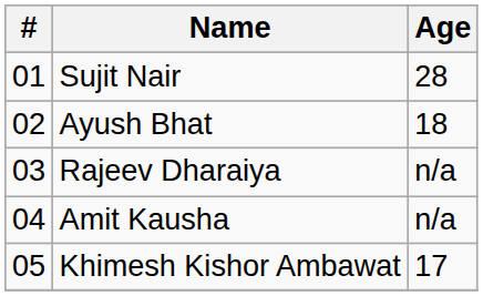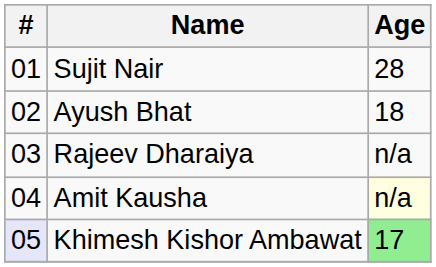 <table class="wikitable">
 <tr>
 <th>#</th>
 <th>Name</th>
 <th>Age</th>
 </tr>
 <tr>
 <td>01</td>
 <td>Sujit Nair</td>
 <td>28</td>
 </tr>
 <tr>
 <td>02</td>
 <td>Ayush Bhat</td>
 <td>18</td>
 </tr>
 <tr>
 <td>03</td>
 <td>Rajeev Dharaiya</td>
 <td>n/a</td>
 </tr>
 <tr>
 <td>04</td>
 <td>Amit Kausha</td>
-<td>n/a</td>
+<td style="background: lightyellow;">n/a</td>
 </tr>
 <tr>
-<td>05</td>
+<td style="background: lavender;">05</td>
 <td>Khimesh Kishor Ambawat</td>
-<td>17</td>
+<td style="background: lightgreen;">17</td>
 </tr>
 <tr>
 </tr>
 </table>
